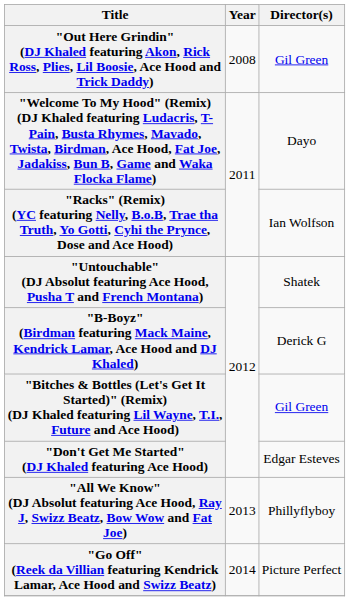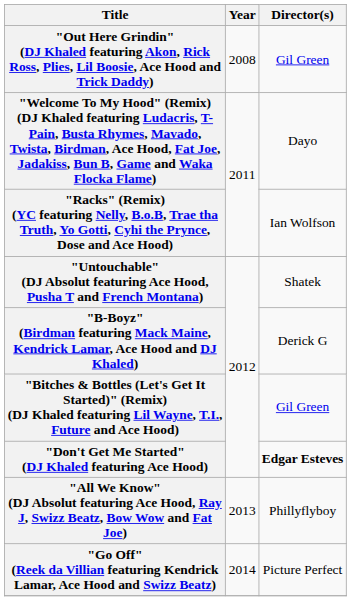 <table class="wikitable plainrowheaders" style="text-align:center;">
 <tr>
 <th scope="col" style="width:16em;">Title</th>
 <th scope="col">Year</th>
 <th scope="col">Director(s)</th>
 </tr>
 <tr>
 <th scope="row">"Out Here Grindin"<br><span>(<a href='#'>DJ Khaled</a> featuring <a href='#'>Akon</a>, <a href='#'>Rick Ross</a>, <a href='#'>Plies</a>, <a href='#'>Lil Boosie</a>, Ace Hood and <a href='#'>Trick Daddy</a>)</span></th>
 <td>2008</td>
 <td><a href='#'>Gil Green</a></td>
 </tr>
 <tr>
 <th scope="row">"Welcome To My Hood" (Remix)<br><span>(DJ Khaled featuring <a href='#'>Ludacris</a>, <a href='#'>T-Pain</a>, <a href='#'>Busta Rhymes</a>, <a href='#'>Mavado</a>, <a href='#'>Twista</a>, <a href='#'>Birdman</a>, Ace Hood, <a href='#'>Fat Joe</a>, <a href='#'>Jadakiss</a>, <a href='#'>Bun B</a>, <a href='#'>Game</a> and <a href='#'>Waka Flocka Flame</a>)</span></th>
 <td rowspan="2">2011</td>
 <td>Dayo</td>
 </tr>
 <tr>
 <th scope="row">"Racks" (Remix)<br><span>(<a href='#'>YC</a> featuring <a href='#'>Nelly</a>, <a href='#'>B.o.B</a>, <a href='#'>Trae tha Truth</a>, <a href='#'>Yo Gotti</a>, <a href='#'>Cyhi the Prynce</a>, Dose and Ace Hood)</span></th>
 <td>Ian Wolfson</td>
 </tr>
 <tr>
 <th scope="row">"Untouchable"<br><span>(DJ Absolut featuring Ace Hood, <a href='#'>Pusha T</a> and <a href='#'>French Montana</a>)</span></th>
 <td rowspan="4">2012</td>
 <td>Shatek</td>
 </tr>
 <tr>
 <th scope="row">"B-Boyz"<br><span>(<a href='#'>Birdman</a> featuring <a href='#'>Mack Maine</a>, <a href='#'>Kendrick Lamar</a>, Ace Hood and <a href='#'>DJ Khaled</a>)</span></th>
 <td>Derick G</td>
 </tr>
 <tr>
 <th scope="row">"Bitches & Bottles (Let's Get It Started)" (Remix)<br><span>(DJ Khaled featuring <a href='#'>Lil Wayne</a>, <a href='#'>T.I.</a>, <a href='#'>Future</a> and Ace Hood)</span></th>
 <td><a href='#'>Gil Green</a></td>
 </tr>
 <tr>
 <th scope="row">"Don't Get Me Started"<br><span>(<a href='#'>DJ Khaled</a> featuring Ace Hood)</span></th>
-<td>Edgar Esteves</td>
+<td><strong>Edgar Esteves</strong></td>
 </tr>
 <tr>
 <th scope="row">"All We Know" <br><span>(DJ Absolut featuring Ace Hood, <a href='#'>Ray J</a>, <a href='#'>Swizz Beatz</a>, <a href='#'>Bow Wow</a> and <a href='#'>Fat Joe</a>)</span></th>
 <td>2013</td>
 <td>Phillyflyboy</td>
 </tr>
 <tr>
 <th scope="row">"Go Off"<br><span>(<a href='#'>Reek da Villian</a> featuring Kendrick Lamar, Ace Hood and <a href='#'>Swizz Beatz</a>)</span></th>
 <td>2014</td>
 <td>Picture Perfect</td>
 </tr>
 <tr>
 </tr>
 </table>
